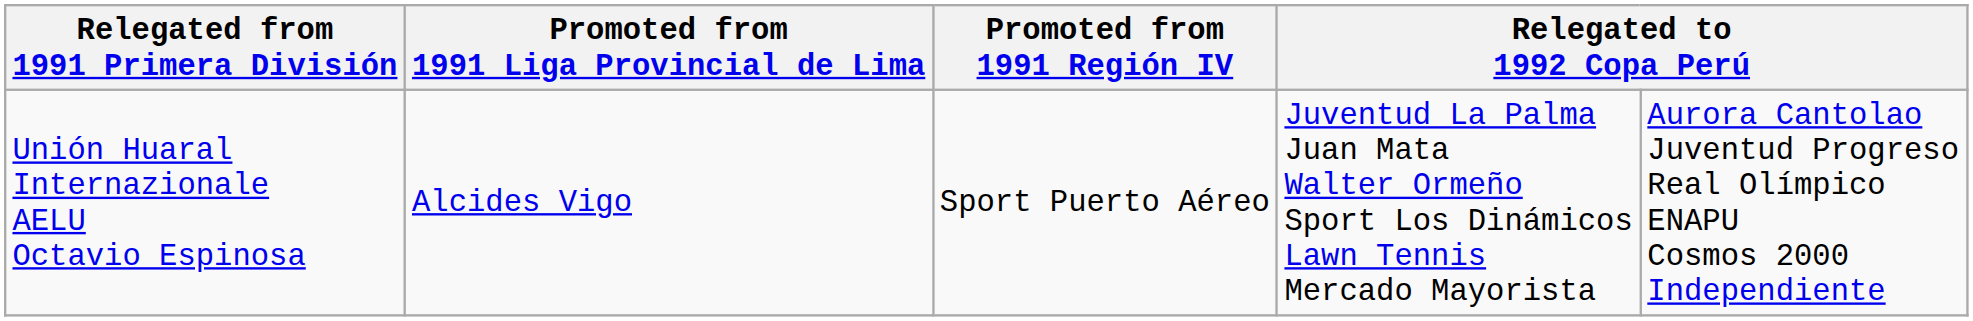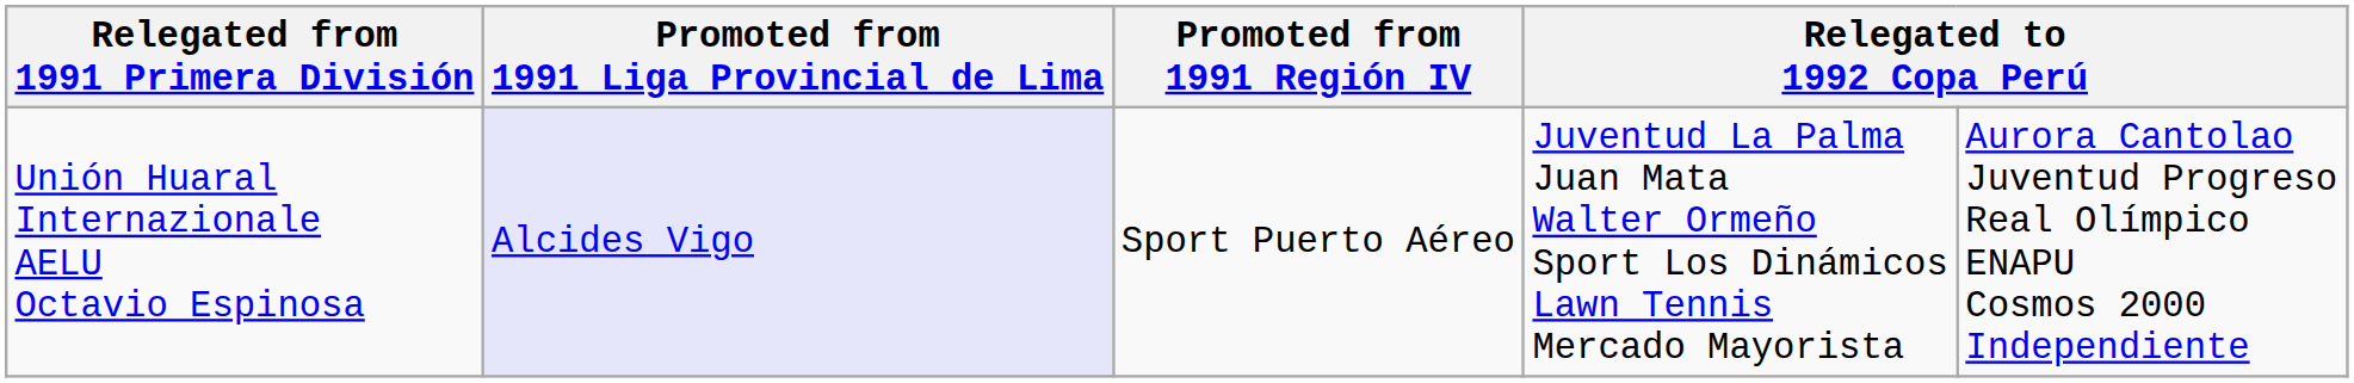 <table class="wikitable">
 <tr>
 <th>Relegated from<br><a href='#'>1991 Primera División</a></th>
 <th>Promoted from<br><a href='#'>1991 Liga Provincial de Lima</a></th>
 <th>Promoted from<br><a href='#'>1991 Región IV</a></th>
 <th colspan="2">Relegated to<br><a href='#'>1992 Copa Perú</a></th>
 </tr>
 <tr>
 <td> <a href='#'>Unión Huaral</a> <br> <a href='#'>Internazionale</a> <br> <a href='#'>AELU</a> <br> <a href='#'>Octavio Espinosa</a> </td>
-<td> <a href='#'>Alcides Vigo</a> </td>
+<td style="background: lavender;"> <a href='#'>Alcides Vigo</a> </td>
 <td> Sport Puerto Aéreo </td>
 <td> <a href='#'>Juventud La Palma</a> <br> Juan Mata <br> <a href='#'>Walter Ormeño</a> <br> Sport Los Dinámicos <br> <a href='#'>Lawn Tennis</a> <br> Mercado Mayorista </td>
 <td> <a href='#'>Aurora Cantolao</a> <br> Juventud Progreso <br> Real Olímpico <br> ENAPU <br> Cosmos 2000 <br> <a href='#'>Independiente</a> </td>
 </tr>
 </table>
